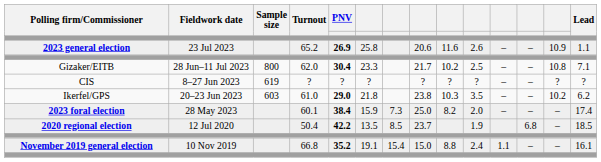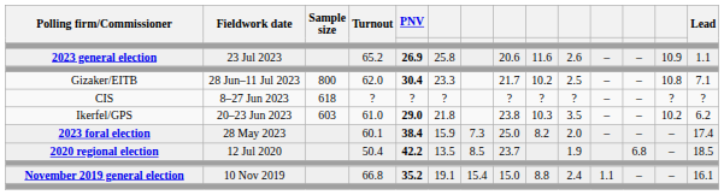 <table class="wikitable collapsible collapsed" style="text-align:center; font-size:95%; line-height:16px;">
 <tr style="height:42px;">
 <th style="width:250px;" rowspan="2">Polling firm/Commissioner</th>
 <th style="width:125px;" rowspan="2">Fieldwork date</th>
 <th style="width:50px;" rowspan="2">Sample size</th>
 <th style="width:45px;" rowspan="2">Turnout</th>
 <th style="width:35px;"><a href='#'>PNV</a></th>
 <th style="width:35px;"></th>
 <th style="width:35px;"></th>
 <th style="width:35px;"></th>
 <th style="width:35px;"></th>
 <th style="width:35px;"></th>
 <th style="width:35px;"></th>
 <th style="width:35px;"></th>
 <th style="width:35px;"></th>
 <th style="width:30px;" rowspan="2">Lead</th>
 </tr>
 <tr>
 <th style="color:inherit;background:"></th>
 <th style="color:inherit;background:"></th>
 <th style="color:inherit;background:"></th>
 <th style="color:inherit;background:"></th>
 <th style="color:inherit;background:"></th>
 <th style="color:inherit;background:"></th>
 <th style="color:inherit;background:"></th>
 <th style="color:inherit;background:"></th>
 <th style="color:inherit;background:"></th>
 </tr>
 <tr>
 <td colspan="14" style="background:#A0A0A0"></td>
 </tr>
 <tr style="background:#EFEFEF;">
 <td><strong><a href='#'>2023 general election</a></strong></td>
 <td>23 Jul 2023</td>
 <td></td>
 <td>65.2</td>
 <td><strong>26.9</strong><br></td>
 <td>25.8<br></td>
 <td></td>
 <td>20.6<br></td>
 <td>11.6<br></td>
 <td>2.6<br></td>
 <td>–</td>
 <td>–</td>
 <td>10.9<br></td>
 <td style="background:">1.1</td>
 </tr>
 <tr>
 <td colspan="14" style="background:#A0A0A0"></td>
 </tr>
 <tr>
 <td>Gizaker/EITB</td>
 <td>28 Jun–11 Jul 2023</td>
 <td>800</td>
 <td>62.0</td>
 <td><strong>30.4</strong><br></td>
 <td>23.3<br></td>
 <td></td>
 <td>21.7<br></td>
 <td>10.2<br></td>
 <td>2.5<br></td>
 <td>–</td>
 <td>–</td>
 <td>10.8<br></td>
 <td style="background:">7.1</td>
 </tr>
 <tr>
 <td>CIS</td>
 <td>8–27 Jun 2023</td>
-<td>619</td>
+<td>618</td>
 <td>?</td>
 <td>?<br></td>
 <td>?<br></td>
 <td></td>
 <td>?<br></td>
 <td>?<br></td>
 <td>?<br></td>
 <td>–</td>
 <td>–</td>
 <td>?<br></td>
 <td style="background:">?</td>
 </tr>
 <tr>
 <td>Ikerfel/GPS</td>
 <td>20–23 Jun 2023</td>
 <td>603</td>
 <td>61.0</td>
 <td><strong>29.0</strong><br></td>
 <td>21.8<br></td>
 <td></td>
 <td>23.8<br></td>
 <td>10.3<br></td>
 <td>3.5<br></td>
 <td>–</td>
 <td>–</td>
 <td>10.2<br></td>
 <td style="background:">6.2</td>
 </tr>
 <tr style="background:#EFEFEF;">
 <td><strong><a href='#'>2023 foral election</a></strong></td>
 <td>28 May 2023</td>
 <td></td>
 <td>60.1</td>
 <td><strong>38.4</strong><br></td>
 <td>15.9<br></td>
 <td>7.3<br></td>
 <td>25.0<br></td>
 <td>8.2<br></td>
 <td>2.0<br></td>
 <td>–</td>
 <td>–</td>
 <td>–</td>
 <td style="background:">17.4</td>
 </tr>
 <tr style="background:#EFEFEF;">
 <td><strong><a href='#'>2020 regional election</a></strong></td>
 <td>12 Jul 2020</td>
 <td></td>
 <td>50.4</td>
 <td><strong>42.2</strong><br></td>
 <td>13.5<br></td>
 <td>8.5<br></td>
 <td>23.7<br></td>
 <td></td>
 <td>1.9<br></td>
 <td></td>
 <td>6.8<br></td>
 <td>–</td>
 <td style="background:">18.5</td>
 </tr>
 <tr>
 <td colspan="14" style="background:#A0A0A0"></td>
 </tr>
 <tr style="background:#EFEFEF;">
 <td><strong><a href='#'>November 2019 general election</a></strong></td>
 <td>10 Nov 2019</td>
 <td></td>
 <td>66.8</td>
 <td><strong>35.2</strong><br></td>
 <td>19.1<br></td>
 <td>15.4<br></td>
 <td>15.0<br></td>
 <td>8.8<br></td>
 <td>2.4<br></td>
 <td>1.1<br></td>
 <td>–</td>
 <td>–</td>
 <td style="background:">16.1</td>
 </tr>
 <tr>
 <td colspan="14" style="background:#A0A0A0"></td>
 </tr>
 </table>
